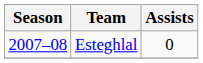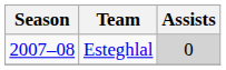 <table class="wikitable" style="text-align: center;">
 <tr>
 <th>Season</th>
 <th>Team</th>
 <th>Assists</th>
 </tr>
 <tr>
 <td><a href='#'>2007–08</a></td>
 <td align="left"><a href='#'>Esteghlal</a></td>
-<td>0</td>
+<td style="background: lightgrey;">0</td>
 </tr>
 <tr>
 </tr>
 </table>
